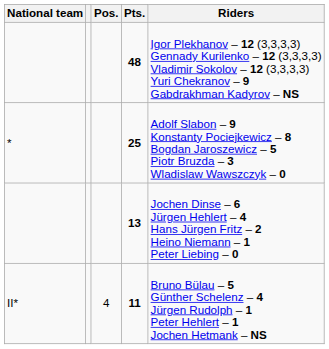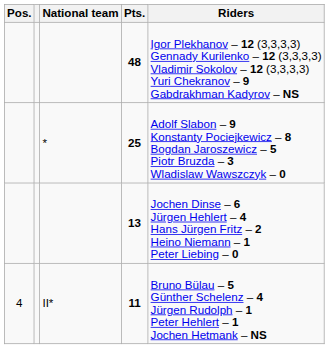 <table class=wikitable style="font-size:93%;">
 <tr>
+<th>Pos.</th>
+<th></th>
 <th>National team</th>
-<th></th>
-<th>Pos.</th>
 <th>Pts.</th>
 <th>Riders</th>
 </tr>
 <tr align=center >
-<td align=left></td>
 <td></td>
 <td></td>
+<td align=left></td>
 <td><strong>48</strong></td>
 <td align=left><br><a href='#'>Igor Plekhanov</a> – <strong>12</strong> (3,3,3,3)<br> <a href='#'>Gennady Kurilenko</a> – <strong>12</strong> (3,3,3,3) <br> <a href='#'>Vladimir Sokolov</a> – <strong>12</strong> (3,3,3,3) <br> <a href='#'>Yuri Chekranov</a> – <strong>9</strong> <br> <a href='#'>Gabdrakhman Kadyrov</a> – <strong>NS</strong></td>
 </tr>
 <tr align=center >
-<td align=left>*</td>
 <td></td>
 <td></td>
+<td align=left>*</td>
 <td><strong>25</strong></td>
 <td align=left><br><a href='#'>Adolf Slabon</a> – <strong>9</strong> <br> <a href='#'>Konstanty Pociejkewicz</a> – <strong>8</strong> <br> <a href='#'>Bogdan Jaroszewicz</a> – <strong>5</strong> <br> <a href='#'>Piotr Bruzda</a> – <strong>3</strong> <br> <a href='#'>Wladislaw Wawszczyk</a> – <strong>0</strong> <br></td>
 </tr>
 <tr align=center >
-<td align=left></td>
 <td></td>
 <td></td>
+<td align=left></td>
 <td><strong>13</strong></td>
 <td align=left><br><a href='#'>Jochen Dinse</a> – <strong>6</strong> <br> <a href='#'>Jürgen Hehlert</a> – <strong>4</strong> <br> <a href='#'>Hans Jürgen Fritz</a> – <strong>2</strong> <br> <a href='#'>Heino Niemann</a> – <strong>1</strong> <br> <a href='#'>Peter Liebing</a> – <strong>0</strong> <br></td>
 </tr>
 <tr align=center>
+<td>4</td>
+<td></td>
 <td align=left> II*</td>
-<td></td>
-<td>4</td>
 <td><strong>11</strong></td>
 <td align=left><br><a href='#'>Bruno Bülau</a> – <strong>5</strong> <br> <a href='#'>Günther Schelenz</a> – <strong>4</strong> <br> <a href='#'>Jürgen Rudolph</a> – <strong>1</strong> <br> <a href='#'>Peter Hehlert</a> – <strong>1</strong> <br> <a href='#'>Jochen Hetmank</a> – <strong>NS</strong> <br></td>
 </tr>
 </table>
